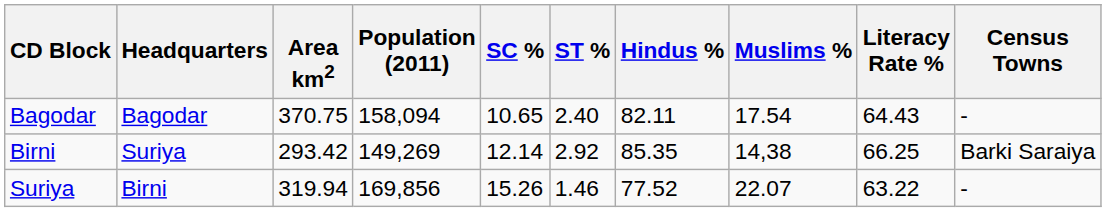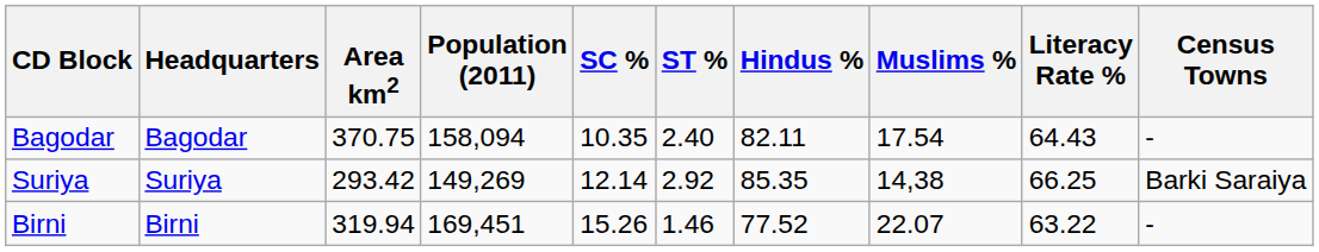 <table class="wikitable sortable">
 <tr>
 <th>CD Block</th>
 <th>Headquarters</th>
 <th><br>Area<br>km<sup>2</sup></th>
 <th>Population<br>(2011)</th>
 <th><a href='#'>SC</a> %</th>
 <th><a href='#'>ST</a> %</th>
 <th><a href='#'>Hindus</a> %</th>
 <th><a href='#'>Muslims</a> %</th>
 <th>Literacy<br> Rate %</th>
 <th>Census<br>Towns</th>
 </tr>
 <tr>
 <td><a href='#'>Bagodar</a></td>
 <td><a href='#'>Bagodar</a></td>
 <td>370.75</td>
 <td>158,094</td>
-<td>10.65</td>
+<td>10.35</td>
 <td>2.40</td>
 <td>82.11</td>
 <td>17.54</td>
 <td>64.43</td>
 <td>-</td>
 </tr>
 <tr>
-<td><a href='#'>Birni</a></td>
+<td><a href='#'>Suriya</a></td>
 <td><a href='#'>Suriya</a></td>
 <td>293.42</td>
 <td>149,269</td>
 <td>12.14</td>
 <td>2.92</td>
 <td>85.35</td>
 <td>14,38</td>
 <td>66.25</td>
 <td>Barki Saraiya</td>
 </tr>
 <tr>
-<td><a href='#'>Suriya</a></td>
+<td><a href='#'>Birni</a></td>
 <td><a href='#'>Birni</a></td>
 <td>319.94</td>
-<td>169,856</td>
+<td>169,451</td>
 <td>15.26</td>
 <td>1.46</td>
 <td>77.52</td>
 <td>22.07</td>
 <td>63.22</td>
 <td>-</td>
 </tr>
 </table>
